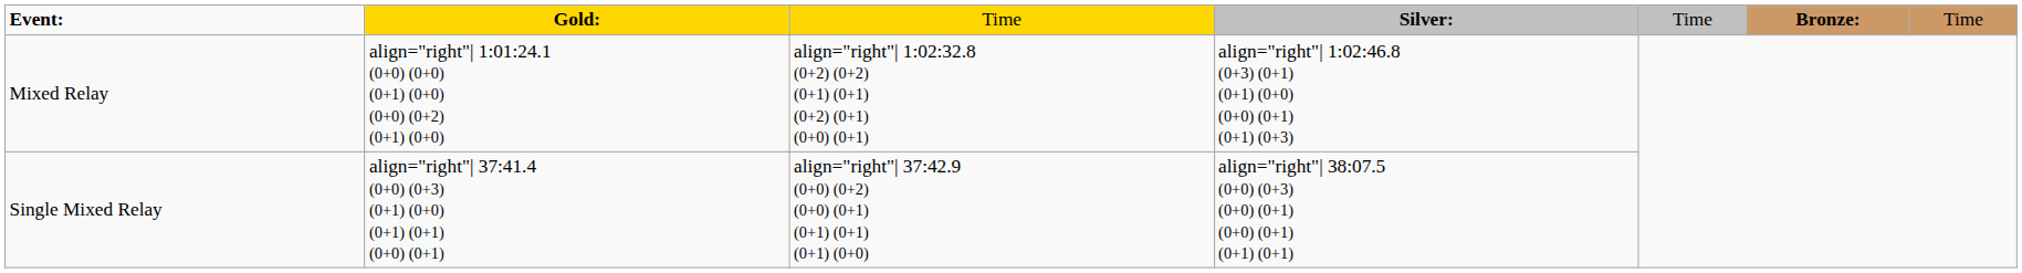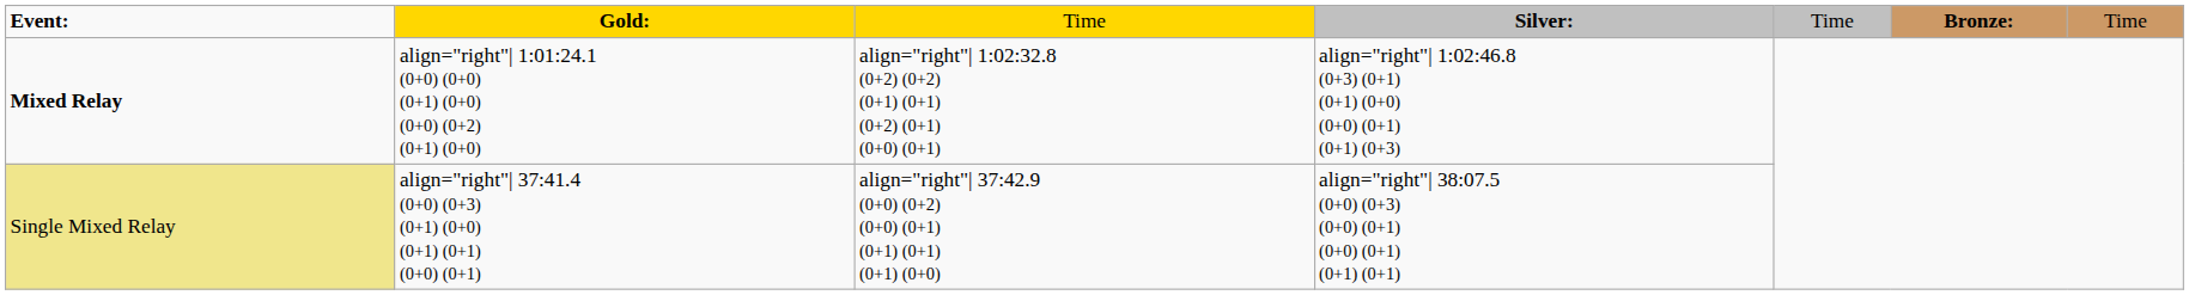 <table class="wikitable" border="1" style="width:85%;">
 <tr>
 <td><strong>Event:</strong></td>
 <td style="text-align:center;background-color:gold;"><strong>Gold:</strong></td>
 <td style="text-align:center;background-color:gold;">Time</td>
 <td style="text-align:center;background-color:silver;"><strong>Silver:</strong></td>
 <td style="text-align:center;background-color:silver;">Time</td>
 <td style="text-align:center;background-color:#CC9966;"><strong>Bronze:</strong></td>
 <td style="text-align:center;background-color:#CC9966;">Time</td>
 </tr>
 <tr>
-<td>Mixed Relay<br></td>
+<td><strong>Mixed Relay<br></strong></td>
 <td>align="right"| 1:01:24.1 <small><br>(0+0) (0+0)<br>(0+1) (0+0)<br>(0+0) (0+2)<br>(0+1) (0+0)</small></td>
 <td>align="right"| 1:02:32.8<br><small>(0+2) (0+2)<br>(0+1) (0+1)<br>(0+2) (0+1)<br>(0+0) (0+1)</small></td>
 <td>align="right"| 1:02:46.8<br><small>(0+3) (0+1)<br>(0+1) (0+0)<br>(0+0) (0+1)<br>(0+1) (0+3)</small></td>
 </tr>
 <tr>
-<td>Single Mixed Relay<br></td>
+<td style="background: khaki;">Single Mixed Relay<br></td>
 <td>align="right"| 37:41.4<br><small>(0+0) (0+3)<br>(0+1) (0+0)<br>(0+1) (0+1)<br>(0+0) (0+1)</small></td>
 <td>align="right"| 37:42.9<br><small>(0+0) (0+2)<br>(0+0) (0+1)<br>(0+1) (0+1)<br>(0+1) (0+0)</small></td>
 <td>align="right"| 38:07.5<br><small>(0+0) (0+3)<br>(0+0) (0+1)<br>(0+0) (0+1)<br>(0+1) (0+1)</small></td>
 </tr>
 </table>
